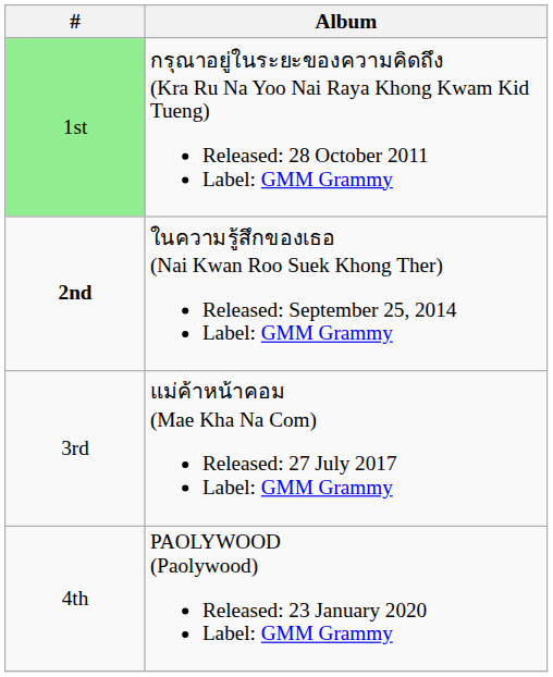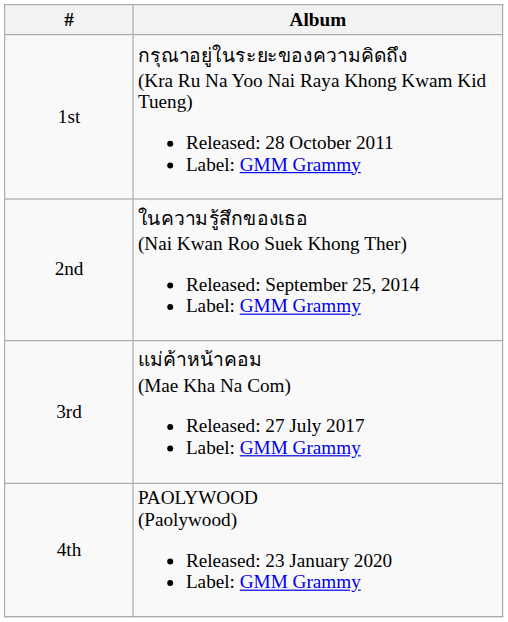 <table class="wikitable">
 <tr>
 <th width="100">#</th>
 <th width="300">Album</th>
 </tr>
 <tr>
-<td style="background: lightgreen; text-align:center;">1st</td>
+<td style="text-align:center;">1st</td>
 <td>กรุณาอยู่ในระยะของความคิดถึง<br>(Kra Ru Na Yoo Nai Raya Khong Kwam Kid Tueng)<ul><li>Released: 28 October 2011</li><li>Label: <a href='#'>GMM Grammy</a></li></ul></td>
 </tr>
 <tr>
-<td style="text-align:center;"><strong>2nd</strong></td>
+<td style="text-align:center;">2nd</td>
 <td>ในความรู้สึกของเธอ<br>(Nai Kwan Roo Suek Khong Ther)<ul><li>Released: September 25, 2014</li><li>Label: <a href='#'>GMM Grammy</a></li></ul></td>
 </tr>
 <tr>
 <td style="text-align:center;">3rd</td>
 <td>แม่ค้าหน้าคอม<br>(Mae Kha Na Com)<ul><li>Released: 27 July 2017</li><li>Label: <a href='#'>GMM Grammy</a></li></ul></td>
 </tr>
 <tr>
 <td style="text-align:center;">4th</td>
 <td>PAOLYWOOD<br>(Paolywood)<ul><li>Released: 23 January 2020</li><li>Label: <a href='#'>GMM Grammy</a></li></ul></td>
 </tr>
 <tr>
 </tr>
 </table>
